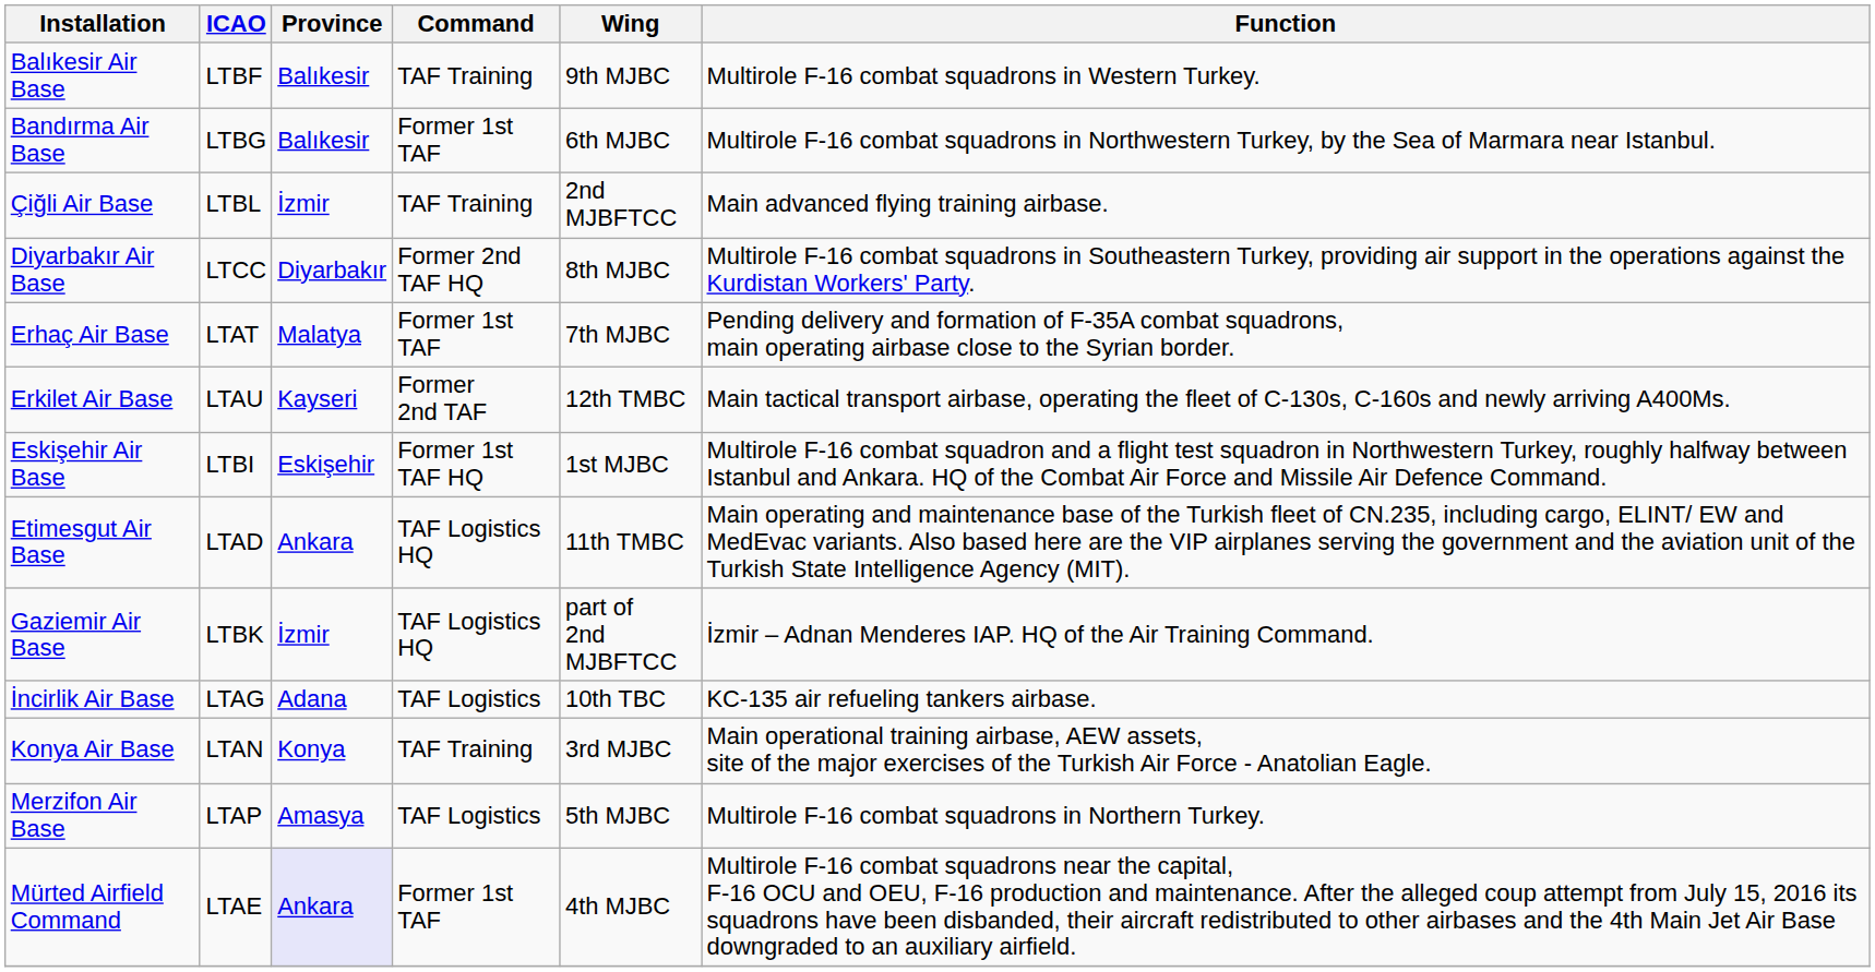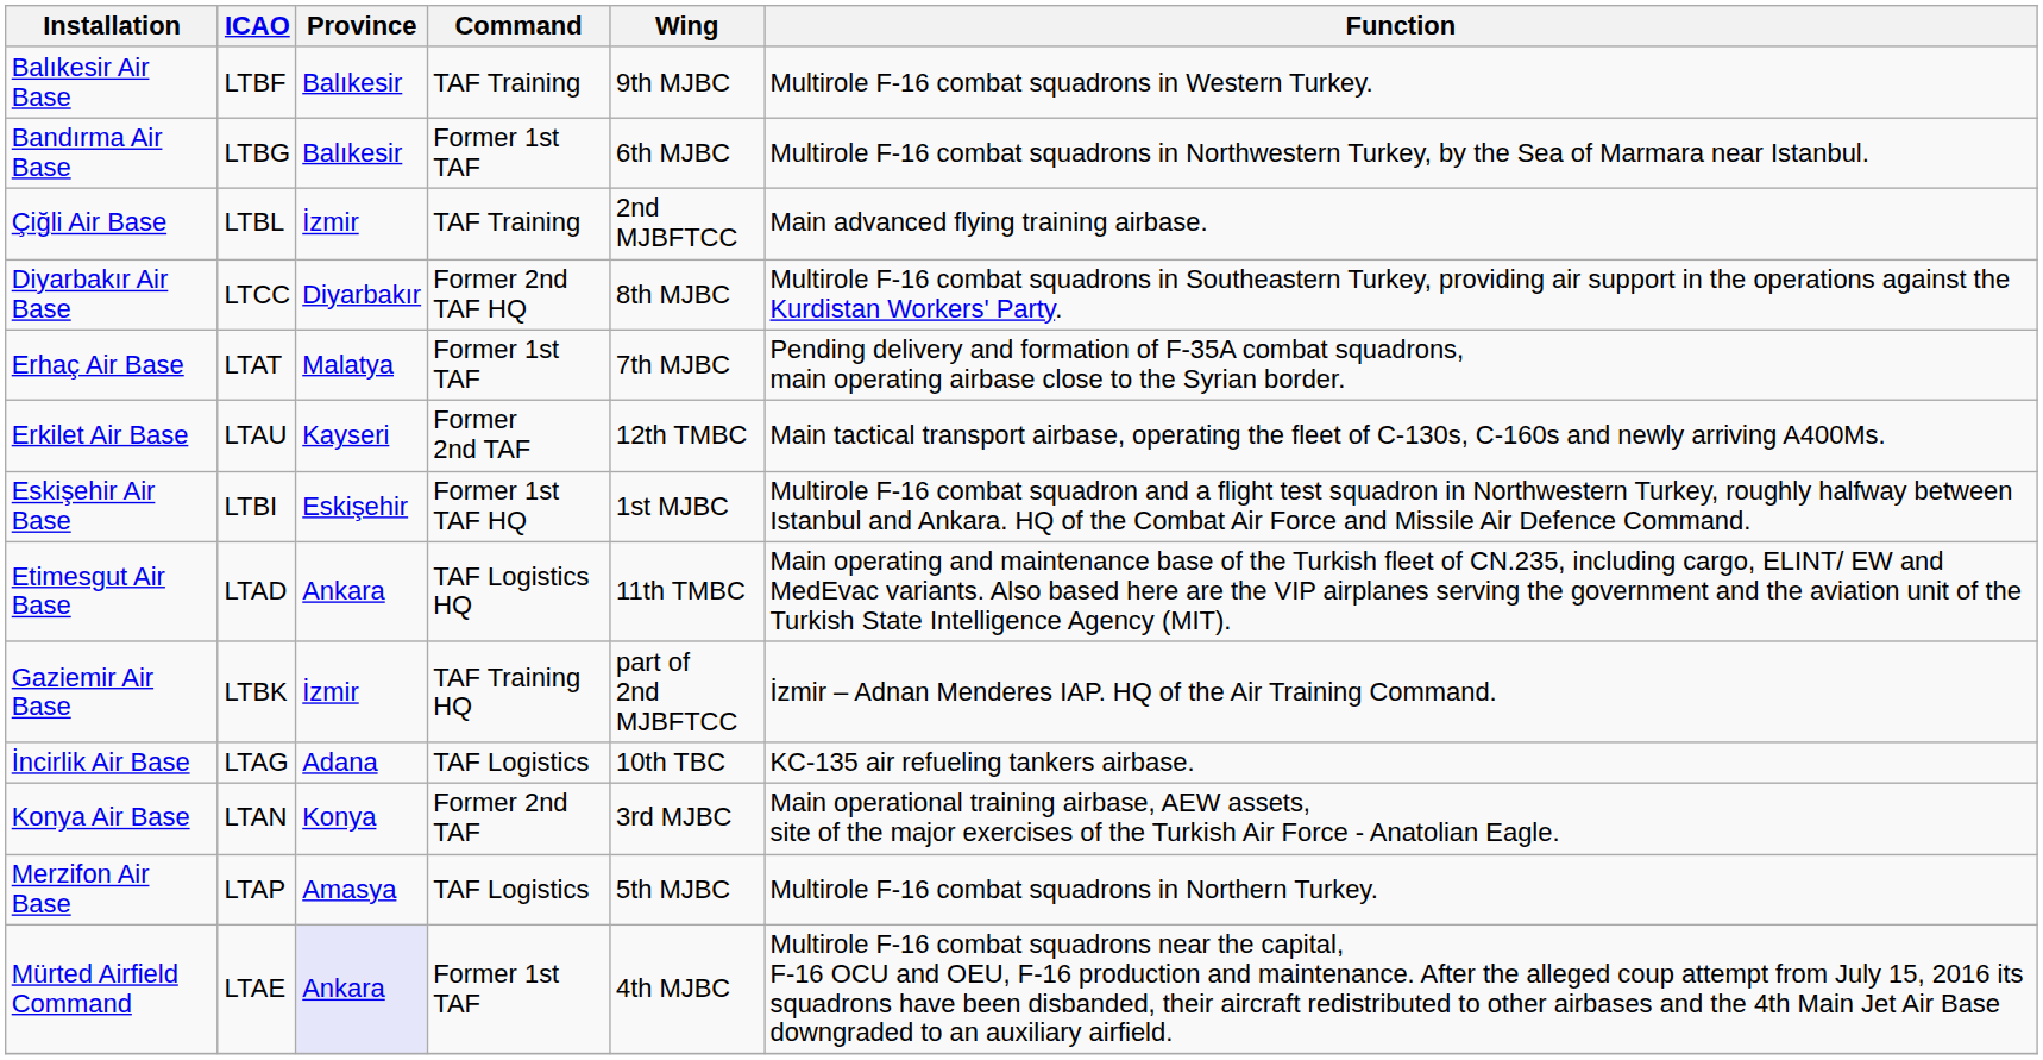 <table class="wikitable sortable">
 <tr>
 <th>Installation</th>
 <th><a href='#'>ICAO</a></th>
 <th>Province</th>
 <th>Command</th>
 <th>Wing</th>
 <th>Function</th>
 </tr>
 <tr>
 <td><a href='#'>Balıkesir Air Base</a></td>
 <td>LTBF</td>
 <td><a href='#'>Balıkesir</a></td>
 <td>TAF Training</td>
 <td>9th MJBC</td>
 <td>Multirole F-16 combat squadrons in Western Turkey.</td>
 </tr>
 <tr>
 <td><a href='#'>Bandırma Air Base</a></td>
 <td>LTBG</td>
 <td><a href='#'>Balıkesir</a></td>
 <td>Former 1st TAF</td>
 <td>6th MJBC</td>
 <td>Multirole F-16 combat squadrons in Northwestern Turkey, by the Sea of Marmara near Istanbul.</td>
 </tr>
 <tr>
 <td><a href='#'>Çiğli Air Base</a></td>
 <td>LTBL</td>
 <td><a href='#'>İzmir</a></td>
 <td>TAF Training</td>
 <td>2nd MJBFTCC</td>
 <td>Main advanced flying training airbase.</td>
 </tr>
 <tr>
 <td><a href='#'>Diyarbakır Air Base</a></td>
 <td>LTCC</td>
 <td><a href='#'>Diyarbakır</a></td>
 <td>Former 2nd TAF HQ</td>
 <td>8th MJBC</td>
 <td>Multirole F-16 combat squadrons in Southeastern Turkey, providing air support in the operations against the <a href='#'>Kurdistan Workers' Party</a>.</td>
 </tr>
 <tr>
 <td><a href='#'>Erhaç Air Base</a></td>
 <td>LTAT</td>
 <td><a href='#'>Malatya</a></td>
 <td>Former 1st TAF</td>
 <td>7th MJBC</td>
 <td>Pending delivery and formation of F-35A combat squadrons,<br>main operating airbase close to the Syrian border.</td>
 </tr>
 <tr>
 <td><a href='#'>Erkilet Air Base</a></td>
 <td>LTAU</td>
 <td><a href='#'>Kayseri</a></td>
 <td>Former<br>2nd TAF</td>
 <td>12th TMBC</td>
 <td>Main tactical transport airbase, operating the fleet of C-130s, C-160s and newly arriving A400Ms.</td>
 </tr>
 <tr>
 <td><a href='#'>Eskişehir Air Base</a></td>
 <td>LTBI</td>
 <td><a href='#'>Eskişehir</a></td>
 <td>Former 1st TAF HQ</td>
 <td>1st MJBC</td>
 <td>Multirole F-16 combat squadron and a flight test squadron in Northwestern Turkey, roughly halfway between Istanbul and Ankara. HQ of the Combat Air Force and Missile Air Defence Command.</td>
 </tr>
 <tr>
 <td><a href='#'>Etimesgut Air Base</a></td>
 <td>LTAD</td>
 <td><a href='#'>Ankara</a></td>
 <td>TAF Logistics HQ</td>
 <td>11th TMBC</td>
 <td>Main operating and maintenance base of the Turkish fleet of CN.235, including cargo, ELINT/ EW and MedEvac variants. Also based here are the VIP airplanes serving the government and the aviation unit of the Turkish State Intelligence Agency (MIT).</td>
 </tr>
 <tr>
 <td><a href='#'>Gaziemir Air Base</a></td>
 <td>LTBK</td>
 <td><a href='#'>İzmir</a></td>
-<td>TAF Logistics HQ</td>
+<td>TAF Training HQ</td>
 <td>part of<br>2nd MJBFTCC</td>
 <td>İzmir – Adnan Menderes IAP. HQ of the Air Training Command.</td>
 </tr>
 <tr>
 <td><a href='#'>İncirlik Air Base</a></td>
 <td>LTAG</td>
 <td><a href='#'>Adana</a></td>
 <td>TAF Logistics</td>
 <td>10th TBC</td>
 <td>KC-135 air refueling tankers airbase.</td>
 </tr>
 <tr>
 <td><a href='#'>Konya Air Base</a></td>
 <td>LTAN</td>
 <td><a href='#'>Konya</a></td>
-<td>TAF Training</td>
+<td>Former 2nd TAF</td>
 <td>3rd MJBC</td>
 <td>Main operational training airbase, AEW assets,<br>site of the major exercises of the Turkish Air Force - Anatolian Eagle.</td>
 </tr>
 <tr>
 <td><a href='#'>Merzifon Air Base</a></td>
 <td>LTAP</td>
 <td><a href='#'>Amasya</a></td>
 <td>TAF Logistics</td>
 <td>5th MJBC</td>
 <td>Multirole F-16 combat squadrons in Northern Turkey.</td>
 </tr>
 <tr>
 <td><a href='#'>Mürted Airfield Command</a></td>
 <td>LTAE</td>
 <td style="background: lavender;"><a href='#'>Ankara</a></td>
 <td>Former 1st TAF</td>
 <td>4th MJBC</td>
 <td>Multirole F-16 combat squadrons near the capital,<br>F-16 OCU and OEU, F-16 production and maintenance. After the alleged coup attempt from July 15, 2016 its squadrons have been disbanded, their aircraft redistributed to other airbases and the 4th Main Jet Air Base downgraded to an auxiliary airfield.</td>
 </tr>
 <tr>
 </tr>
 </table>
